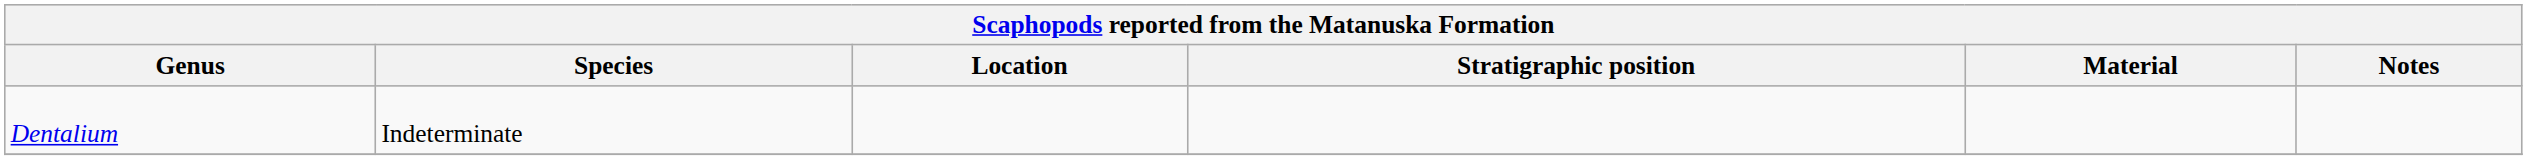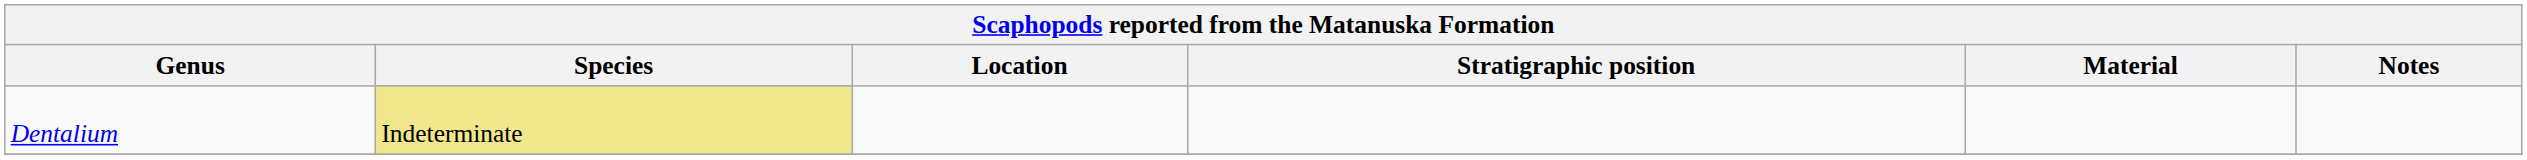 <table class="wikitable" align="center" width="100%">
 <tr>
 <th colspan="7" align="center"><strong><a href='#'>Scaphopods</a> reported from the Matanuska Formation</strong></th>
 </tr>
 <tr>
 <th>Genus</th>
 <th>Species</th>
 <th>Location</th>
 <th>Stratigraphic position</th>
 <th>Material</th>
 <th>Notes<br></th>
 </tr>
 <tr>
 <td><br><em><a href='#'>Dentalium</a></em></td>
-<td><br>Indeterminate</td>
+<td style="background: khaki;"><br>Indeterminate</td>
 <td></td>
 <td></td>
 <td></td>
 <td><br></td>
 </tr>
 <tr>
 </tr>
 </table>
